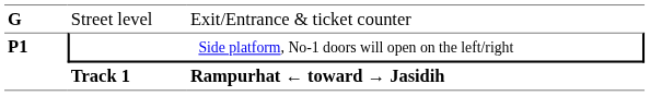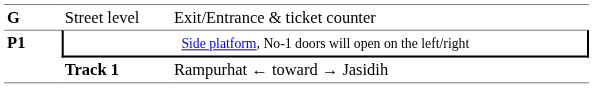 <table table border=0 cellspacing=0 cellpadding=3>
 <tr>
 <td style="border-top:solid 1px gray;" width=50 valign=top><strong>G</strong></td>
 <td style="border-top:solid 1px gray;" width=100 valign=top>Street level</td>
 <td style="border-top:solid 1px gray;" width=400 valign=top>Exit/Entrance & ticket counter</td>
 </tr>
 <tr>
 <td style="border-top:solid 1px gray;border-bottom:solid 1px gray;" width=50 rowspan=6 valign=top><strong>P1</strong></td>
 <td style="border-top:solid 1px gray;border-right:solid 2px black;border-left:solid 2px black;border-bottom:solid 2px black;text-align:center;" colspan=2><small><a href='#'>Side platform</a>, No-1 doors will open on the left/right</small></td>
 </tr>
 <tr>
 <td style="border-bottom:solid 1px gray;" width=100><strong>Track 1</strong></td>
-<td style="border-bottom:solid 1px gray;" width=400><strong>Rampurhat ← toward → Jasidih</strong></td>
+<td style="border-bottom:solid 1px gray;" width=400>Rampurhat ← toward → Jasidih</td>
 </tr>
 <tr>
 </tr>
 </table>
